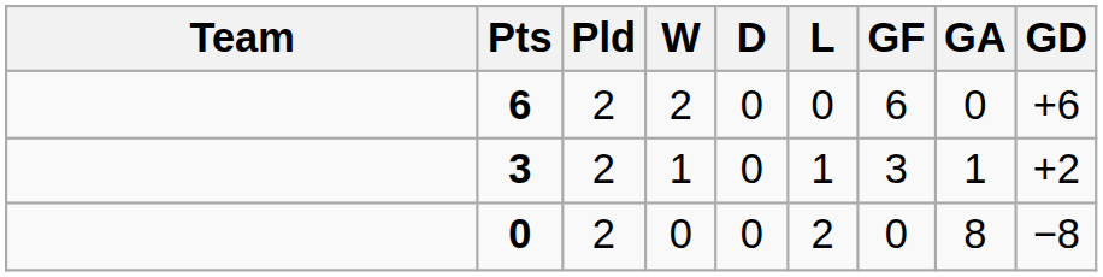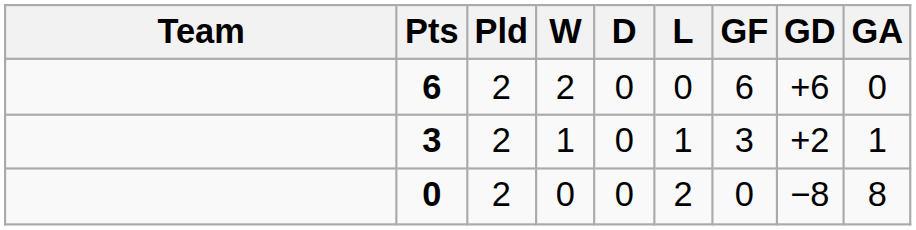 <table class="wikitable" style="text-align:center;">
 <tr>
 <th width=175>Team</th>
 <th width=20 abbr="Points">Pts</th>
 <th width=20 abbr="Played">Pld</th>
 <th width=20 abbr="Won">W</th>
 <th width=20 abbr="Drawn">D</th>
 <th width=20 abbr="Lost">L</th>
 <th width=20 abbr="Goals for">GF</th>
+<th width=20 abbr="Goal difference">GD</th>
 <th width=20 abbr="Goals against">GA</th>
-<th width=20 abbr="Goal difference">GD</th>
 </tr>
 <tr>
 <td style="text-align:left;"></td>
 <td><strong>6</strong></td>
 <td>2</td>
 <td>2</td>
 <td>0</td>
 <td>0</td>
 <td>6</td>
+<td>+6</td>
 <td>0</td>
-<td>+6</td>
 </tr>
 <tr>
 <td style="text-align:left;"></td>
 <td><strong>3</strong></td>
 <td>2</td>
 <td>1</td>
 <td>0</td>
 <td>1</td>
 <td>3</td>
+<td>+2</td>
 <td>1</td>
-<td>+2</td>
 </tr>
 <tr>
 <td style="text-align:left;"></td>
 <td><strong>0</strong></td>
 <td>2</td>
 <td>0</td>
 <td>0</td>
 <td>2</td>
 <td>0</td>
+<td>−8</td>
 <td>8</td>
-<td>−8</td>
 </tr>
 </table>
